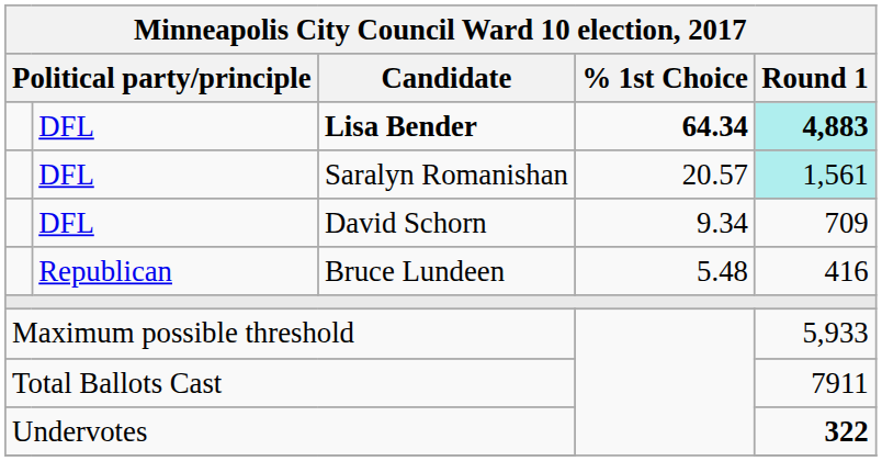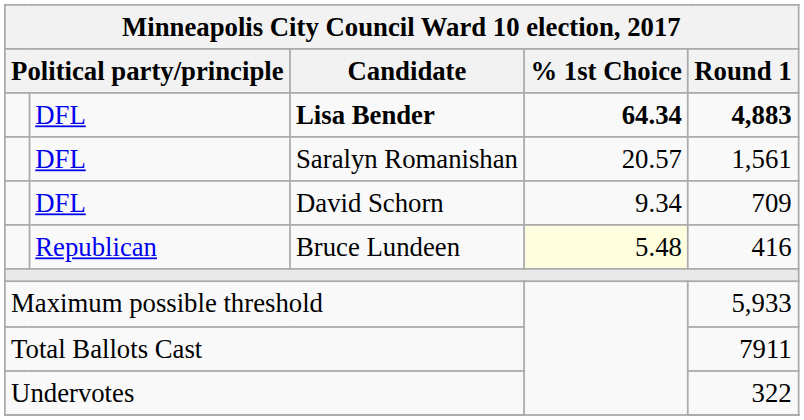 <table class="wikitable" style="font-size:95%">
 <tr>
 <th colspan="5">Minneapolis City Council Ward 10 election, 2017</th>
 </tr>
 <tr>
 <th colspan="2">Political party/principle</th>
 <th>Candidate</th>
 <th>% 1st Choice</th>
 <th>Round 1</th>
 </tr>
 <tr>
 <td style="background-color:"></td>
 <td><a href='#'>DFL</a></td>
 <td><strong>Lisa Bender</strong></td>
 <td align="right"><strong>64.34</strong></td>
-<td align="right" style="background: paleturquoise;"><strong>4,883</strong></td>
+<td align="right"><strong>4,883</strong></td>
 </tr>
 <tr>
 <td style="background-color:"></td>
 <td><a href='#'>DFL</a></td>
 <td>Saralyn Romanishan</td>
 <td align="right">20.57</td>
-<td align="right" style="background: paleturquoise;">1,561</td>
+<td align="right">1,561</td>
 </tr>
 <tr>
 <td style="background-color:"></td>
 <td><a href='#'>DFL</a></td>
 <td>David Schorn</td>
 <td align="right">9.34</td>
 <td align="right">709</td>
 </tr>
 <tr>
 <td style="background-color:"></td>
 <td><a href='#'>Republican</a></td>
 <td>Bruce Lundeen</td>
-<td align="right">5.48</td>
+<td align="right" style="background: lightyellow;">5.48</td>
 <td align="right">416</td>
 </tr>
 <tr>
 <td colspan="5" style="background: #E9E9E9"></td>
 </tr>
 <tr>
 <td colspan="3">Maximum possible threshold</td>
 <td rowspan="4"></td>
 <td align="right">5,933</td>
 </tr>
 <tr>
 <td colspan="3">Total Ballots Cast</td>
 <td align="right">7911</td>
 </tr>
 <tr>
 <td colspan="4">Undervotes</td>
-<td align="right"><strong>322</strong></td>
+<td align="right">322</td>
 </tr>
 <tr>
 </tr>
 </table>
